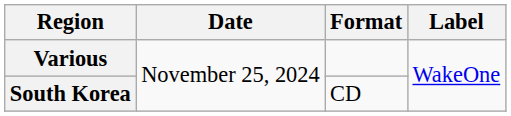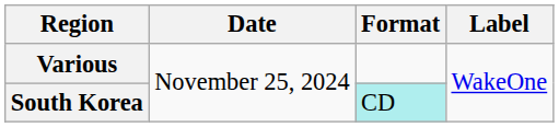 <table class="wikitable plainrowheaders">
 <tr>
 <th scope="col">Region</th>
 <th scope="col">Date</th>
 <th scope="col">Format</th>
 <th scope="col">Label</th>
 </tr>
 <tr>
 <th scope="row">Various</th>
 <td rowspan="2">November 25, 2024</td>
 <td></td>
 <td rowspan="2"><a href='#'>WakeOne</a></td>
 </tr>
 <tr>
 <th scope="row">South Korea</th>
-<td>CD</td>
+<td style="background: paleturquoise;">CD</td>
 </tr>
 </table>
